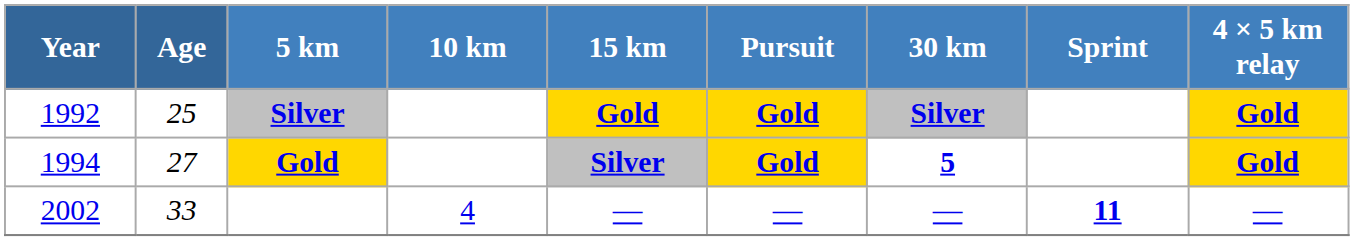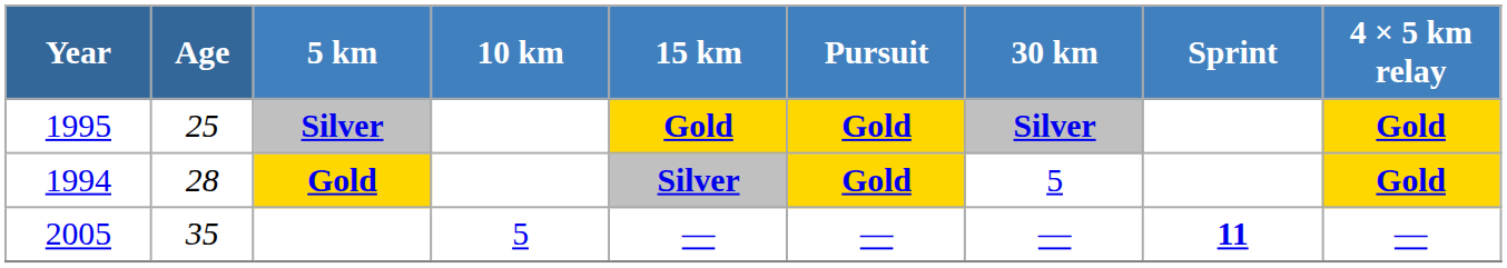 <table class="wikitable" style="font-size:95%; text-align:center; border:grey solid 1px; border-collapse:collapse; background:#ffffff;">
 <tr>
 <th style="background-color:#369; color:white; width:60px;"> Year </th>
 <th style="background-color:#369; color:white; width:40px;"> Age </th>
 <th style="background-color:#4180be; color:white; width:75px;"> 5 km </th>
 <th style="background-color:#4180be; color:white; width:75px;"> 10 km </th>
 <th style="background-color:#4180be; color:white; width:75px;"> 15 km </th>
 <th style="background-color:#4180be; color:white; width:75px;"> Pursuit </th>
 <th style="background-color:#4180be; color:white; width:75px;"> 30 km </th>
 <th style="background-color:#4180be; color:white; width:75px;"> Sprint </th>
 <th style="background-color:#4180be; color:white; width:75px;"> 4 × 5 km <br> relay </th>
 </tr>
 <tr>
-<td><a href='#'>1992</a></td>
+<td><a href='#'>1995</a></td>
 <td><em>25</em></td>
 <td style="background:silver;"><a href='#'><strong>Silver</strong></a></td>
 <td></td>
 <td style="background:gold;"><a href='#'><strong>Gold</strong></a></td>
 <td style="background:gold;"><a href='#'><strong>Gold</strong></a></td>
 <td style="background:silver;"><a href='#'><strong>Silver</strong></a></td>
 <td></td>
 <td style="background:gold;"><a href='#'><strong>Gold</strong></a></td>
 </tr>
 <tr>
 <td><a href='#'>1994</a></td>
-<td><em>27</em></td>
+<td><em>28</em></td>
 <td style="background:gold;"><a href='#'><strong>Gold</strong></a></td>
 <td></td>
 <td style="background:silver;"><a href='#'><strong>Silver</strong></a></td>
 <td style="background:gold;"><a href='#'><strong>Gold</strong></a></td>
-<td><strong><a href='#'>5</a></strong></td>
+<td><a href='#'>5</a></td>
 <td></td>
 <td style="background:gold;"><a href='#'><strong>Gold</strong></a></td>
 </tr>
 <tr>
-<td><a href='#'>2002</a></td>
-<td><em>33</em></td>
+<td><a href='#'>2005</a></td>
+<td><em>35</em></td>
 <td></td>
-<td><a href='#'>4</a></td>
+<td><a href='#'>5</a></td>
 <td><a href='#'>—</a></td>
 <td><a href='#'>—</a></td>
 <td><a href='#'>—</a></td>
 <td><strong><a href='#'>11</a></strong></td>
 <td><a href='#'>—</a></td>
 </tr>
 <tr>
 </tr>
 </table>
